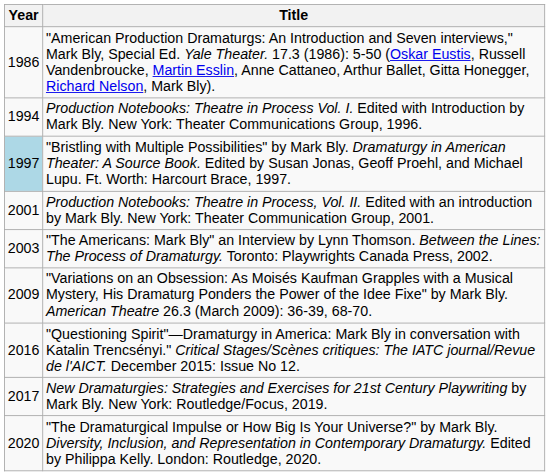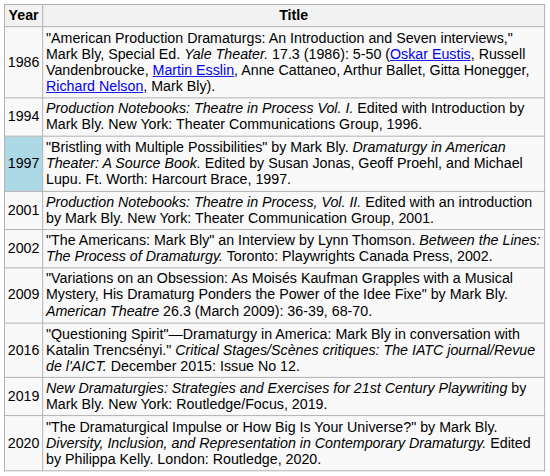 <table class="wikitable">
 <tr>
 <th>Year</th>
 <th>Title</th>
 </tr>
 <tr>
 <td>1986</td>
 <td>"American Production Dramaturgs: An Introduction and Seven interviews," Mark Bly, Special Ed. <em>Yale Theater.</em> 17.3 (1986): 5-50 (<a href='#'>Oskar Eustis</a>, Russell Vandenbroucke, <a href='#'>Martin Esslin</a>, Anne Cattaneo, Arthur Ballet, Gitta Honegger, <a href='#'>Richard Nelson</a>, Mark Bly).</td>
 </tr>
 <tr>
 <td>1994</td>
 <td><em>Production Notebooks: Theatre in Process Vol. I.</em> Edited with Introduction by Mark Bly. New York: Theater Communications Group, 1996.</td>
 </tr>
 <tr>
 <td style="background: lightblue;">1997</td>
 <td>"Bristling with Multiple Possibilities" by Mark Bly. <em>Dramaturgy in American Theater: A Source Book.</em> Edited by Susan Jonas, Geoff Proehl, and Michael Lupu. Ft. Worth: Harcourt Brace, 1997.</td>
 </tr>
 <tr>
 <td>2001</td>
 <td><em>Production Notebooks: Theatre in Process, Vol. II.</em> Edited with an introduction by Mark Bly. New York: Theater Communication Group, 2001.</td>
 </tr>
 <tr>
-<td>2003</td>
+<td>2002</td>
 <td>"The Americans: Mark Bly" an Interview by Lynn Thomson. <em>Between the Lines: The Process of Dramaturgy.</em> Toronto: Playwrights Canada Press, 2002.</td>
 </tr>
 <tr>
 <td>2009</td>
 <td>"Variations on an Obsession: As Moisés Kaufman Grapples with a Musical Mystery, His Dramaturg Ponders the Power of the Idee Fixe" by Mark Bly. <em>American Theatre</em> 26.3 (March 2009): 36-39, 68-70.</td>
 </tr>
 <tr>
 <td>2016</td>
 <td>"Questioning Spirit"—Dramaturgy in America: Mark Bly in conversation with Katalin Trencsényi." <em>Critical Stages/Scènes critiques: The IATC journal/Revue de l'AICT.</em> December 2015: Issue No 12.</td>
 </tr>
 <tr>
-<td>2017</td>
+<td>2019</td>
 <td><em>New Dramaturgies: Strategies and Exercises for 21st Century Playwriting</em> by Mark Bly. New York: Routledge/Focus, 2019.</td>
 </tr>
 <tr>
 <td>2020</td>
 <td>"The Dramaturgical Impulse or How Big Is Your Universe?" by Mark Bly. <em>Diversity, Inclusion, and Representation in Contemporary Dramaturgy.</em> Edited by Philippa Kelly. London: Routledge, 2020.</td>
 </tr>
 </table>
